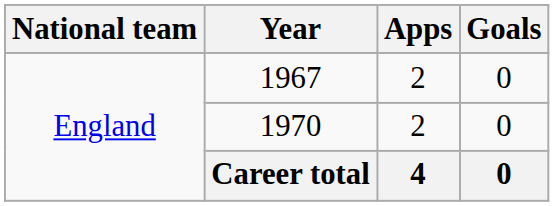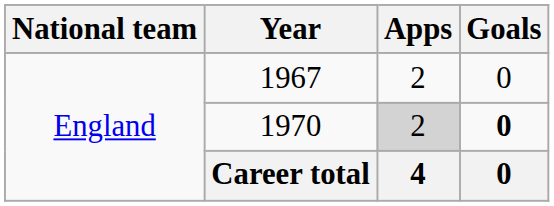 <table class="wikitable" style="text-align:center">
 <tr>
 <th>National team</th>
 <th>Year</th>
 <th>Apps</th>
 <th>Goals</th>
 </tr>
 <tr>
 <td rowspan="3"><a href='#'>England</a></td>
 <td>1967</td>
 <td>2</td>
 <td>0</td>
 </tr>
 <tr>
 <td>1970</td>
-<td>2</td>
-<td>0</td>
+<td style="background: lightgrey;">2</td>
+<td><strong>0</strong></td>
 </tr>
 <tr>
 <th>Career total</th>
 <th>4</th>
 <th>0</th>
 </tr>
 </table>
